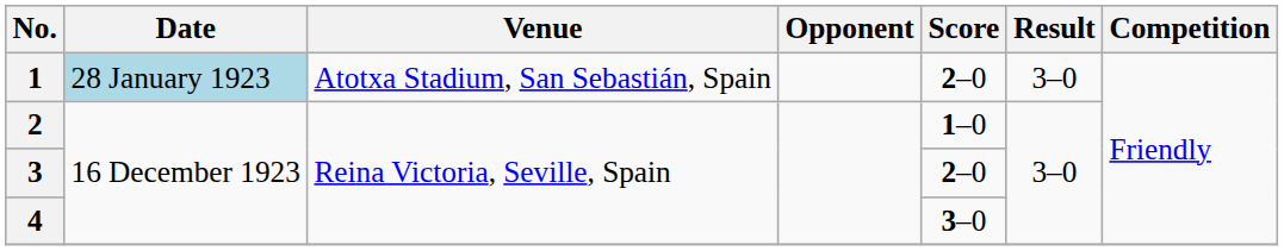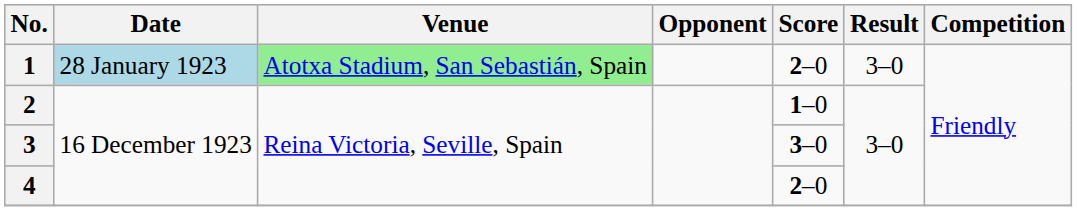 <table class="wikitable sortable plainrowheaders">
 <tr>
 <th scope=col>No.</th>
 <th scope=col>Date</th>
 <th scope=col>Venue</th>
 <th scope=col>Opponent</th>
 <th scope=col>Score</th>
 <th scope=col>Result</th>
 <th scope=col>Competition</th>
 </tr>
 <tr>
 <th scope=row style=text-align:center>1</th>
 <td rowspan="1" style="background: lightblue;">28 January 1923</td>
-<td rowspan="1"><a href='#'>Atotxa Stadium</a>, <a href='#'>San Sebastián</a>, Spain</td>
+<td rowspan="1" style="background: lightgreen;"><a href='#'>Atotxa Stadium</a>, <a href='#'>San Sebastián</a>, Spain</td>
 <td rowspan="1"></td>
 <td align=center><strong>2</strong>–0</td>
 <td rowspan="1" align=center>3–0</td>
 <td rowspan="4"><a href='#'>Friendly</a></td>
 </tr>
 <tr>
 <th scope=row style=text-align:center>2</th>
 <td rowspan="3">16 December 1923</td>
 <td rowspan="3"><a href='#'>Reina Victoria</a>, <a href='#'>Seville</a>, Spain</td>
 <td rowspan="3"></td>
 <td align=center><strong>1</strong>–0</td>
 <td rowspan="3" align=center>3–0</td>
 </tr>
 <tr>
 <th scope=row style=text-align:center>3</th>
-<td align=center><strong>2</strong>–0</td>
+<td align=center><strong>3</strong>–0</td>
 </tr>
 <tr>
 <th scope=row style=text-align:center>4</th>
-<td align=center><strong>3</strong>–0</td>
+<td align=center><strong>2</strong>–0</td>
 </tr>
 <tr>
 </tr>
 </table>
